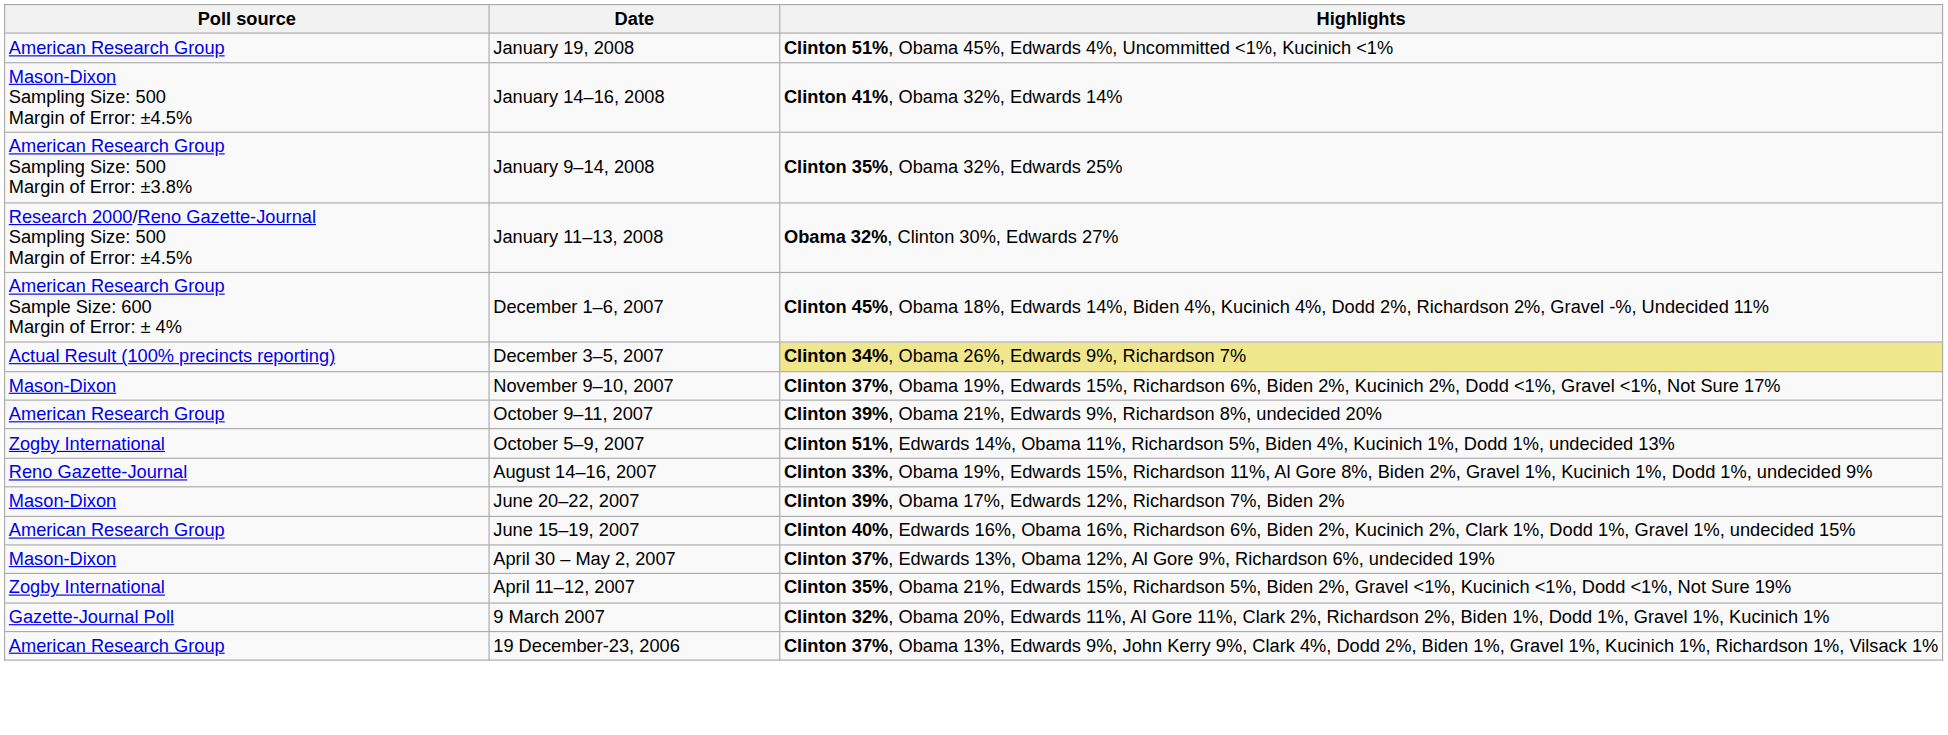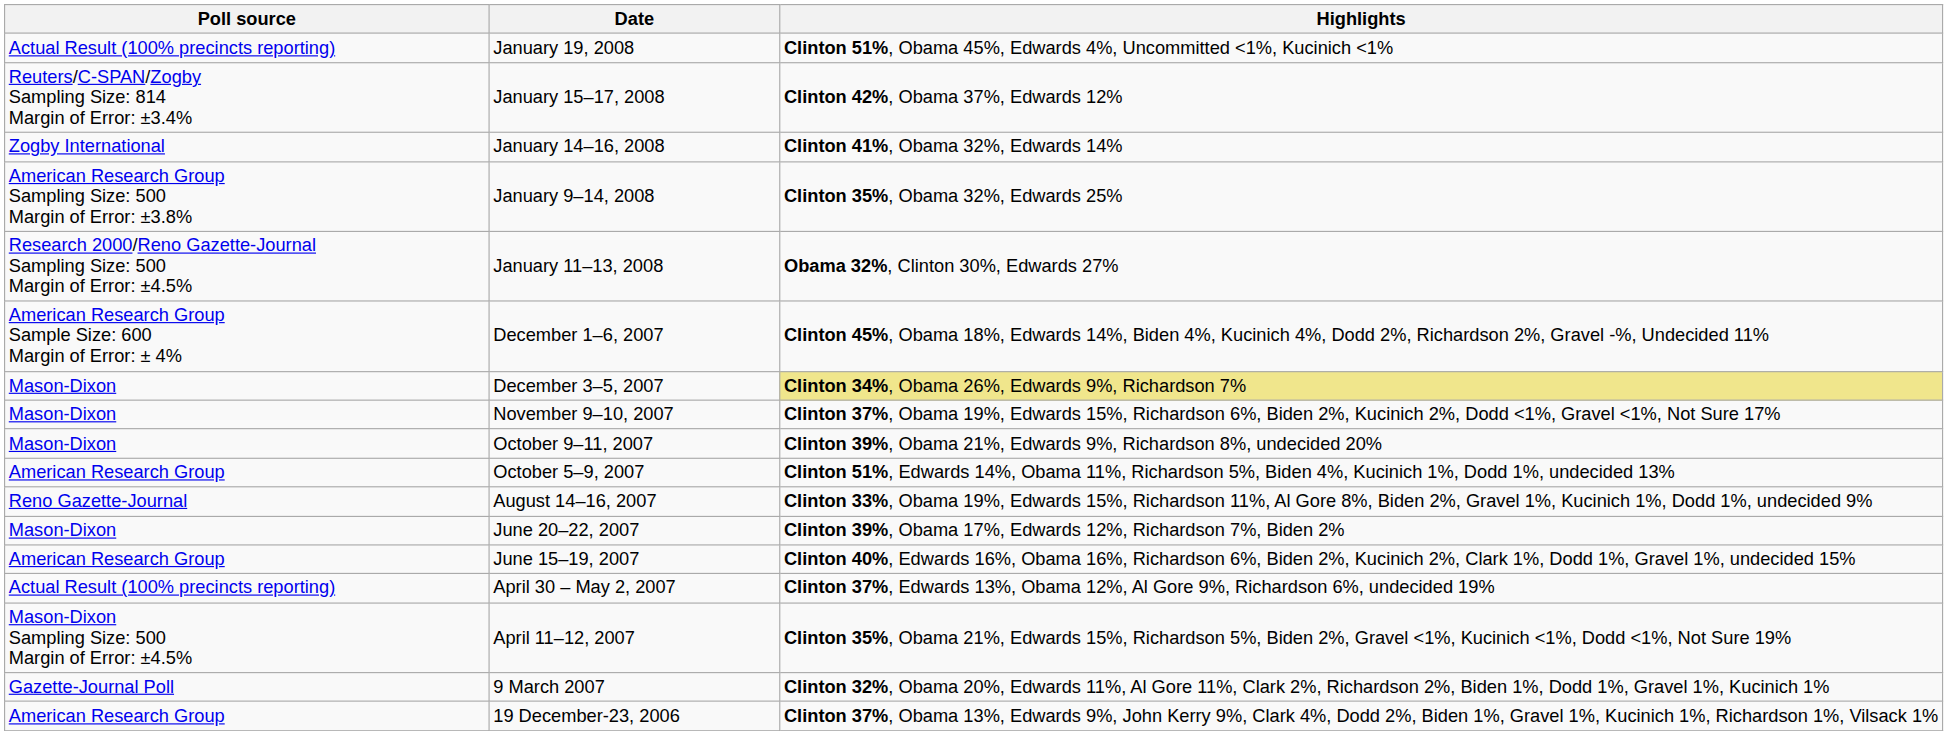 <table class="wikitable sortable">
 <tr>
 <th width="25%">Poll source</th>
 <th width="15%">Date</th>
 <th width="60%">Highlights</th>
 </tr>
 <tr>
-<td><a href='#'>American Research Group</a></td>
+<td><a href='#'>Actual Result (100% precincts reporting)</a></td>
 <td>January 19, 2008</td>
 <td><strong>Clinton 51%</strong>, Obama 45%, Edwards 4%, Uncommitted <1%, Kucinich <1%</td>
 </tr>
 <tr>
-<td><a href='#'>Mason-Dixon</a><br>Sampling Size: 500<br> Margin of Error: ±4.5%</td>
+<td><a href='#'>Reuters</a>/<a href='#'>C-SPAN</a>/<a href='#'>Zogby</a><br>Sampling Size: 814<br> Margin of Error: ±3.4%</td>
+<td>January 15–17, 2008</td>
+<td><strong>Clinton 42%</strong>, Obama 37%, Edwards 12%</td>
+</tr>
+<tr>
+<td><a href='#'>Zogby International</a></td>
 <td>January 14–16, 2008</td>
 <td><strong>Clinton 41%</strong>, Obama 32%, Edwards 14%</td>
 </tr>
 <tr>
 <td><a href='#'>American Research Group</a><br>Sampling Size: 500<br> Margin of Error: ±3.8%</td>
 <td>January 9–14, 2008</td>
 <td><strong>Clinton 35%</strong>, Obama 32%, Edwards 25%</td>
 </tr>
 <tr>
 <td><a href='#'>Research 2000</a>/<a href='#'>Reno Gazette-Journal</a><br>Sampling Size: 500<br> Margin of Error: ±4.5%</td>
 <td>January 11–13, 2008</td>
 <td><strong>Obama 32%</strong>, Clinton 30%, Edwards 27%</td>
 </tr>
 <tr>
 <td><a href='#'>American Research Group</a><br>Sample Size: 600<br> Margin of Error: ± 4%</td>
 <td>December 1–6, 2007</td>
 <td><strong>Clinton 45%</strong>, Obama 18%, Edwards 14%, Biden 4%, Kucinich 4%, Dodd 2%, Richardson 2%, Gravel -%, Undecided 11%</td>
 </tr>
 <tr>
-<td><a href='#'>Actual Result (100% precincts reporting)</a></td>
+<td><a href='#'>Mason-Dixon</a></td>
 <td>December 3–5, 2007</td>
 <td style="background: khaki;"><strong>Clinton 34%</strong>, Obama 26%, Edwards 9%, Richardson 7%</td>
 </tr>
 <tr>
 <td><a href='#'>Mason-Dixon</a></td>
 <td>November 9–10, 2007</td>
 <td><strong>Clinton 37%</strong>, Obama 19%, Edwards 15%, Richardson 6%, Biden 2%, Kucinich 2%, Dodd <1%, Gravel <1%, Not Sure 17%</td>
 </tr>
 <tr>
-<td><a href='#'>American Research Group</a></td>
+<td><a href='#'>Mason-Dixon</a></td>
 <td>October 9–11, 2007</td>
 <td><strong>Clinton 39%</strong>, Obama 21%, Edwards 9%, Richardson 8%, undecided 20%</td>
 </tr>
 <tr>
-<td><a href='#'>Zogby International</a></td>
+<td><a href='#'>American Research Group</a></td>
 <td>October 5–9, 2007</td>
 <td><strong>Clinton 51%</strong>, Edwards 14%, Obama 11%, Richardson 5%, Biden 4%, Kucinich 1%, Dodd 1%, undecided 13%</td>
 </tr>
 <tr>
 <td><a href='#'>Reno Gazette-Journal</a></td>
 <td>August 14–16, 2007</td>
 <td><strong>Clinton 33%</strong>, Obama 19%, Edwards 15%, Richardson 11%, Al Gore 8%, Biden 2%, Gravel 1%, Kucinich 1%, Dodd 1%, undecided 9%</td>
 </tr>
 <tr>
 <td><a href='#'>Mason-Dixon</a></td>
 <td>June 20–22, 2007</td>
 <td><strong>Clinton 39%</strong>, Obama 17%, Edwards 12%, Richardson 7%, Biden 2%</td>
 </tr>
 <tr>
 <td><a href='#'>American Research Group</a></td>
 <td>June 15–19, 2007</td>
 <td><strong>Clinton 40%</strong>, Edwards 16%, Obama 16%, Richardson 6%, Biden 2%, Kucinich 2%, Clark 1%, Dodd 1%, Gravel 1%, undecided 15%</td>
 </tr>
 <tr>
-<td><a href='#'>Mason-Dixon</a></td>
+<td><a href='#'>Actual Result (100% precincts reporting)</a></td>
 <td>April 30 – May 2, 2007</td>
 <td><strong>Clinton 37%</strong>, Edwards 13%, Obama 12%, Al Gore 9%, Richardson 6%, undecided 19%</td>
 </tr>
 <tr>
-<td><a href='#'>Zogby International</a></td>
+<td><a href='#'>Mason-Dixon</a><br>Sampling Size: 500<br> Margin of Error: ±4.5%</td>
 <td>April 11–12, 2007</td>
 <td><strong>Clinton 35%</strong>, Obama 21%, Edwards 15%, Richardson 5%, Biden 2%, Gravel <1%, Kucinich <1%, Dodd <1%, Not Sure 19%</td>
 </tr>
 <tr>
 <td><a href='#'>Gazette-Journal Poll</a></td>
 <td>9 March 2007</td>
 <td><strong>Clinton 32%</strong>, Obama 20%, Edwards 11%, Al Gore 11%, Clark 2%, Richardson 2%, Biden 1%, Dodd 1%, Gravel 1%, Kucinich 1%</td>
 </tr>
 <tr>
 <td><a href='#'>American Research Group</a></td>
 <td>19 December-23, 2006</td>
 <td><strong>Clinton 37%</strong>, Obama 13%, Edwards 9%, John Kerry 9%, Clark 4%, Dodd 2%, Biden 1%, Gravel 1%, Kucinich 1%, Richardson 1%, Vilsack 1%</td>
 </tr>
 </table>
